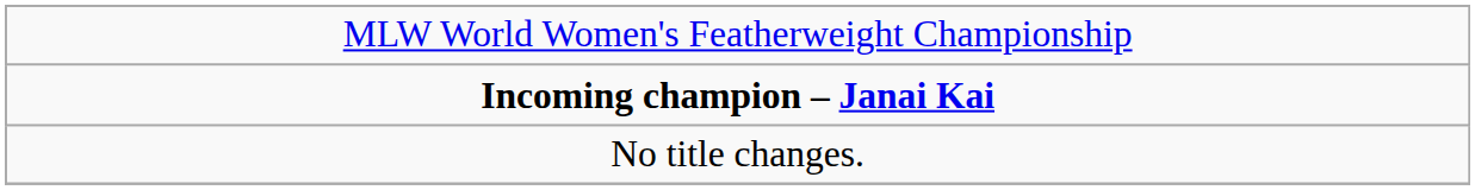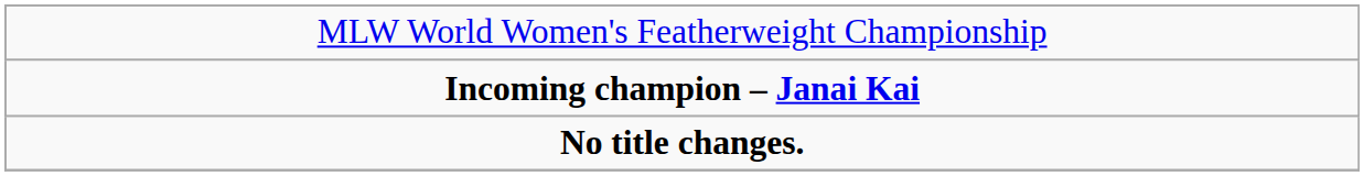 <table class="wikitable" style="text-align:center; width:100%;">
 <tr>
 <td colspan="4" style="text-align: center;"><a href='#'>MLW World Women's Featherweight Championship</a></td>
 </tr>
 <tr>
 <td colspan="4" style="text-align: center;"><strong>Incoming champion – <a href='#'>Janai Kai</a></strong></td>
 </tr>
 <tr>
-<td>No title changes.</td>
+<td><strong>No title changes.</strong></td>
 </tr>
 <tr>
 </tr>
 </table>
